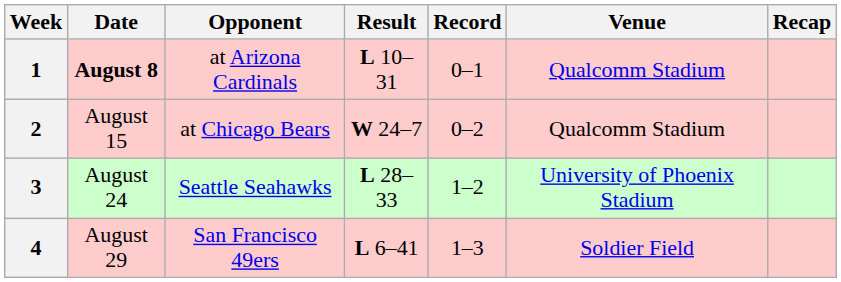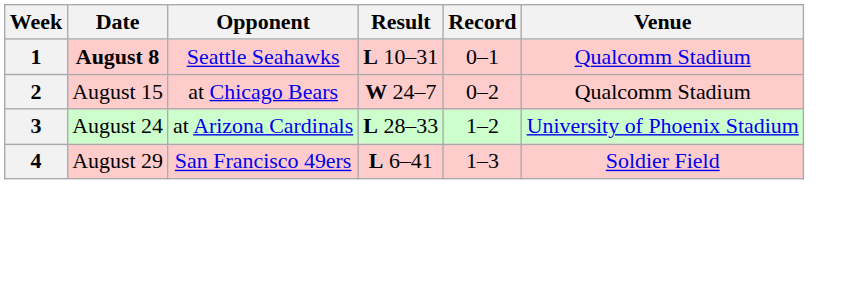 <table class="wikitable" style="text-align:center">
 <tr>
 <th>Week</th>
 <th>Date</th>
 <th>Opponent</th>
 <th>Result</th>
 <th>Record</th>
 <th>Venue</th>
-<th>Recap</th>
 </tr>
 <tr style="background:#fcc">
 <th>1</th>
 <td><strong>August 8</strong></td>
-<td>at <a href='#'>Arizona Cardinals</a></td>
+<td><a href='#'>Seattle Seahawks</a></td>
 <td><strong>L</strong> 10–31</td>
 <td>0–1</td>
 <td><a href='#'>Qualcomm Stadium</a></td>
-<td></td>
 </tr>
 <tr style="background:#fcc">
 <th>2</th>
 <td>August 15</td>
 <td>at <a href='#'>Chicago Bears</a></td>
 <td><strong>W</strong> 24–7</td>
 <td>0–2</td>
 <td>Qualcomm Stadium</td>
-<td></td>
 </tr>
 <tr style="background:#cfc">
 <th>3</th>
 <td>August 24</td>
-<td><a href='#'>Seattle Seahawks</a></td>
+<td>at <a href='#'>Arizona Cardinals</a></td>
 <td><strong>L</strong> 28–33</td>
 <td>1–2</td>
 <td><a href='#'>University of Phoenix Stadium</a></td>
-<td></td>
 </tr>
 <tr style="background:#fcc">
 <th>4</th>
 <td>August 29</td>
 <td><a href='#'>San Francisco 49ers</a></td>
 <td><strong>L</strong> 6–41</td>
 <td>1–3</td>
 <td><a href='#'>Soldier Field</a></td>
-<td></td>
 </tr>
 </table>
